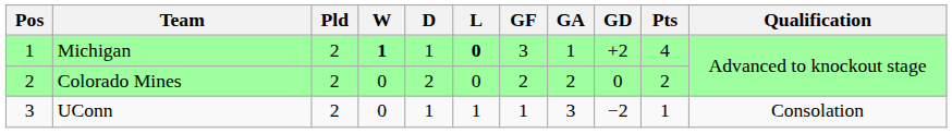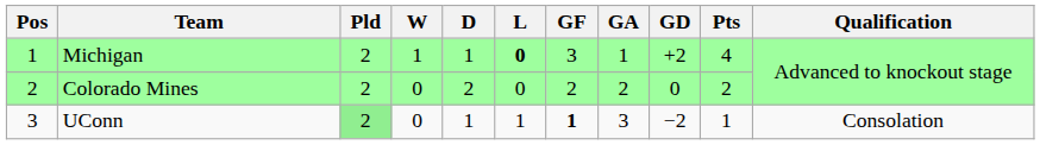 <table class="wikitable" style="text-align:center; margin: 1em auto">
 <tr>
 <th style="width:2em">Pos</th>
 <th style="width:13em">Team</th>
 <th style="width:2em">Pld</th>
 <th style="width:2em">W</th>
 <th style="width:2em">D</th>
 <th style="width:2em">L</th>
 <th style="width:2em">GF</th>
 <th style="width:2em">GA</th>
 <th style="width:2em">GD</th>
 <th style="width:2em">Pts</th>
 <th style="width:13em">Qualification</th>
 </tr>
 <tr bgcolor="#9eff9e">
 <td>1</td>
 <td style="text-align:left">Michigan</td>
 <td>2</td>
-<td><strong>1</strong></td>
+<td>1</td>
 <td>1</td>
 <td><strong>0</strong></td>
 <td>3</td>
 <td>1</td>
 <td>+2</td>
 <td>4</td>
 <td rowspan="2">Advanced to knockout stage</td>
 </tr>
 <tr bgcolor="#9eff9e">
 <td>2</td>
 <td style="text-align:left">Colorado Mines</td>
 <td>2</td>
 <td>0</td>
 <td>2</td>
 <td>0</td>
 <td>2</td>
 <td>2</td>
 <td>0</td>
 <td>2</td>
 </tr>
 <tr>
 <td>3</td>
 <td style="text-align:left">UConn</td>
-<td>2</td>
+<td style="background: lightgreen;">2</td>
 <td>0</td>
 <td>1</td>
 <td>1</td>
-<td>1</td>
+<td><strong>1</strong></td>
 <td>3</td>
 <td>−2</td>
 <td>1</td>
 <td>Consolation</td>
 </tr>
 </table>
